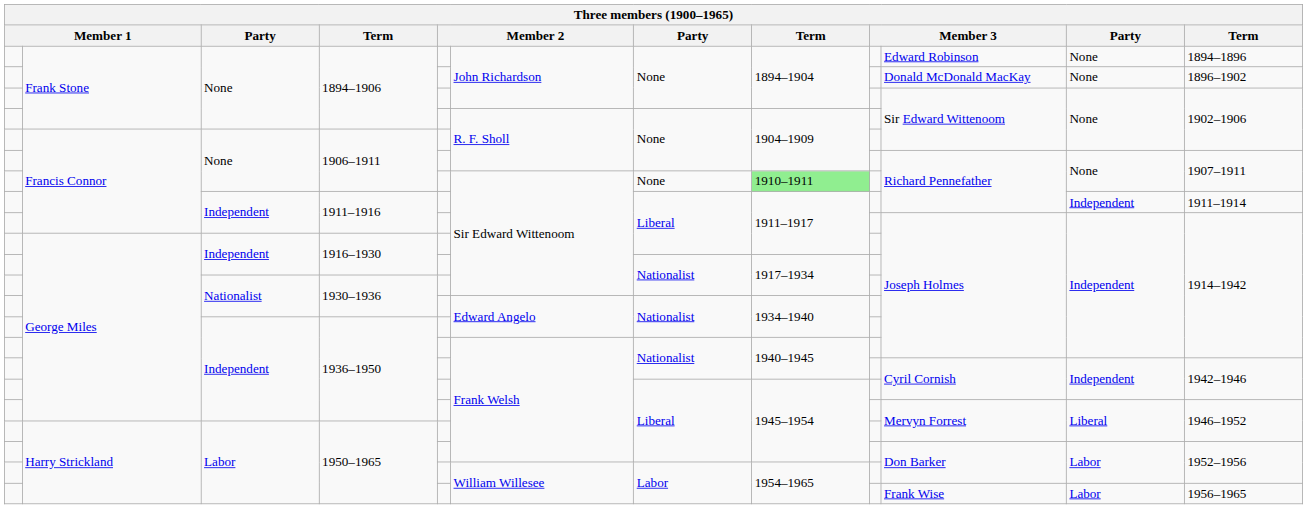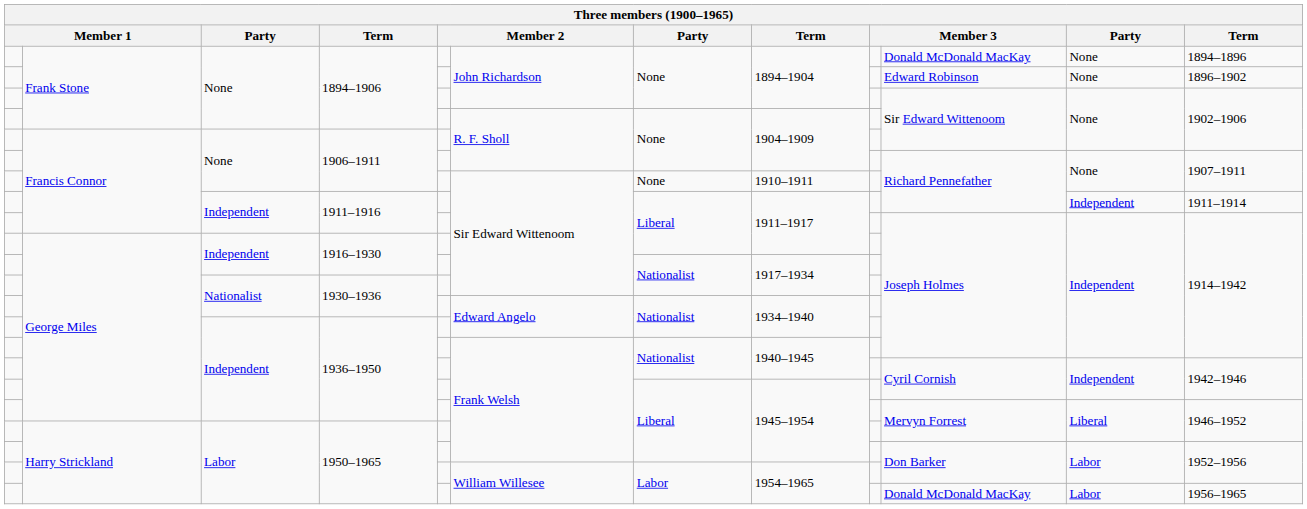 <table class="wikitable" width="100%">
 <tr>
 <th colspan="12">Three members (1900–1965)</th>
 </tr>
 <tr>
 <th colspan="2" width="15%">Member 1</th>
 <th width="9%">Party</th>
 <th width="9%">Term</th>
 <th colspan="2" width="15%">Member 2</th>
 <th width="9%">Party</th>
 <th width="9%">Term</th>
 <th colspan="2" width="15%">Member 3</th>
 <th width="9%">Party</th>
 <th width="9%">Term</th>
 </tr>
 <tr>
 <td> </td>
 <td rowspan="4"><a href='#'>Frank Stone</a></td>
 <td rowspan="4">None</td>
 <td rowspan="4">1894–1906</td>
 <td> </td>
 <td rowspan="3"><a href='#'>John Richardson</a></td>
 <td rowspan="3">None</td>
 <td rowspan="3">1894–1904</td>
 <td> </td>
-<td><a href='#'>Edward Robinson</a></td>
+<td><a href='#'>Donald McDonald MacKay</a></td>
 <td>None</td>
 <td>1894–1896</td>
 </tr>
 <tr>
 <td> </td>
 <td> </td>
 <td> </td>
-<td><a href='#'>Donald McDonald MacKay</a></td>
+<td><a href='#'>Edward Robinson</a></td>
 <td>None</td>
 <td>1896–1902</td>
 </tr>
 <tr>
 <td> </td>
 <td> </td>
 <td> </td>
 <td rowspan="3">Sir <a href='#'>Edward Wittenoom</a></td>
 <td rowspan="3">None</td>
 <td rowspan="3">1902–1906</td>
 </tr>
 <tr>
 <td> </td>
 <td> </td>
 <td rowspan="3"><a href='#'>R. F. Sholl</a></td>
 <td rowspan="3">None</td>
 <td rowspan="3">1904–1909</td>
 <td> </td>
 </tr>
 <tr>
 <td> </td>
 <td rowspan="5"><a href='#'>Francis Connor</a></td>
 <td rowspan="3">None</td>
 <td rowspan="3">1906–1911</td>
 <td> </td>
 <td> </td>
 </tr>
 <tr>
 <td> </td>
 <td> </td>
 <td> </td>
 <td rowspan="3"><a href='#'>Richard Pennefather</a></td>
 <td rowspan="2">None</td>
 <td rowspan="2">1907–1911</td>
 </tr>
 <tr>
 <td> </td>
 <td> </td>
 <td rowspan="6">Sir Edward Wittenoom</td>
 <td>None</td>
-<td style="background: lightgreen;">1910–1911</td>
+<td>1910–1911</td>
 <td> </td>
 </tr>
 <tr>
 <td> </td>
 <td rowspan="2"><a href='#'>Independent</a></td>
 <td rowspan="2">1911–1916</td>
 <td> </td>
 <td rowspan="3"><a href='#'>Liberal</a></td>
 <td rowspan="3">1911–1917</td>
 <td> </td>
 <td><a href='#'>Independent</a></td>
 <td>1911–1914</td>
 </tr>
 <tr>
 <td> </td>
 <td> </td>
 <td> </td>
 <td rowspan="7"><a href='#'>Joseph Holmes</a></td>
 <td rowspan="7"><a href='#'>Independent</a></td>
 <td rowspan="7">1914–1942</td>
 </tr>
 <tr>
 <td> </td>
 <td rowspan="9"><a href='#'>George Miles</a></td>
 <td rowspan="2"><a href='#'>Independent</a></td>
 <td rowspan="2">1916–1930</td>
 <td> </td>
 <td> </td>
 </tr>
 <tr>
 <td> </td>
 <td> </td>
 <td rowspan="2"><a href='#'>Nationalist</a></td>
 <td rowspan="2">1917–1934</td>
 <td> </td>
 </tr>
 <tr>
 <td> </td>
 <td rowspan="2"><a href='#'>Nationalist</a></td>
 <td rowspan="2">1930–1936</td>
 <td> </td>
 <td> </td>
 </tr>
 <tr>
 <td> </td>
 <td> </td>
 <td rowspan="2"><a href='#'>Edward Angelo</a></td>
 <td rowspan="2"><a href='#'>Nationalist</a></td>
 <td rowspan="2">1934–1940</td>
 <td> </td>
 </tr>
 <tr>
 <td> </td>
 <td rowspan="5"><a href='#'>Independent</a></td>
 <td rowspan="5">1936–1950</td>
 <td> </td>
 <td> </td>
 </tr>
 <tr>
 <td> </td>
 <td> </td>
 <td rowspan="6"><a href='#'>Frank Welsh</a></td>
 <td rowspan="2"><a href='#'>Nationalist</a></td>
 <td rowspan="2">1940–1945</td>
 <td> </td>
 </tr>
 <tr>
 <td> </td>
 <td> </td>
 <td> </td>
 <td rowspan="2"><a href='#'>Cyril Cornish</a></td>
 <td rowspan="2"><a href='#'>Independent</a></td>
 <td rowspan="2">1942–1946</td>
 </tr>
 <tr>
 <td> </td>
 <td> </td>
 <td rowspan="4"><a href='#'>Liberal</a></td>
 <td rowspan="4">1945–1954</td>
 <td> </td>
 </tr>
 <tr>
 <td> </td>
 <td> </td>
 <td> </td>
 <td rowspan="2"><a href='#'>Mervyn Forrest</a></td>
 <td rowspan="2"><a href='#'>Liberal</a></td>
 <td rowspan="2">1946–1952</td>
 </tr>
 <tr>
 <td> </td>
 <td rowspan="4"><a href='#'>Harry Strickland</a></td>
 <td rowspan="4"><a href='#'>Labor</a></td>
 <td rowspan="4">1950–1965</td>
 <td> </td>
 <td> </td>
 </tr>
 <tr>
 <td> </td>
 <td> </td>
 <td> </td>
 <td rowspan="2"><a href='#'>Don Barker</a></td>
 <td rowspan="2"><a href='#'>Labor</a></td>
 <td rowspan="2">1952–1956</td>
 </tr>
 <tr>
 <td> </td>
 <td> </td>
 <td rowspan="2"><a href='#'>William Willesee</a></td>
 <td rowspan="2"><a href='#'>Labor</a></td>
 <td rowspan="2">1954–1965</td>
 <td> </td>
 </tr>
 <tr>
 <td> </td>
 <td> </td>
 <td> </td>
-<td><a href='#'>Frank Wise</a></td>
+<td><a href='#'>Donald McDonald MacKay</a></td>
 <td><a href='#'>Labor</a></td>
 <td>1956–1965</td>
 </tr>
 </table>
